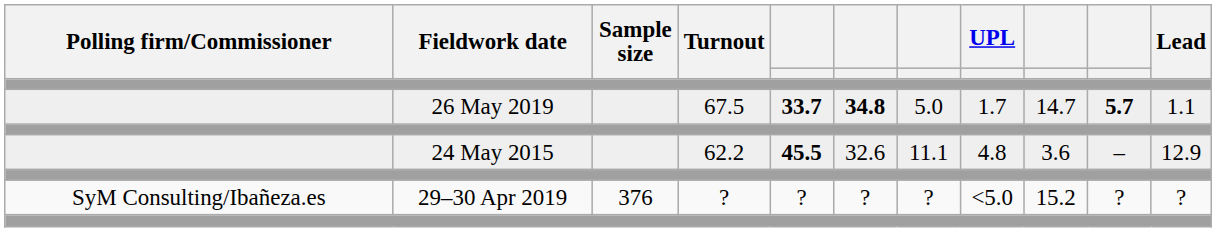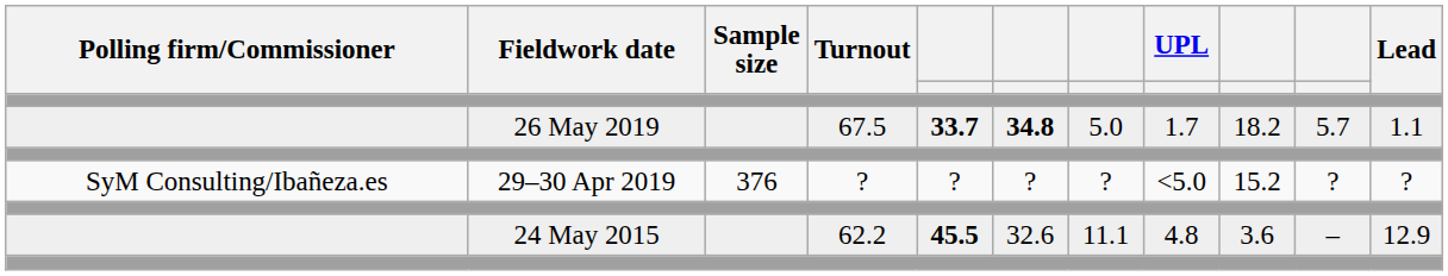 <table class="wikitable collapsible collapsed" style="text-align:center; font-size:95%; line-height:16px;">
 <tr style="height:42px;">
 <th style="width:250px;" rowspan="2">Polling firm/Commissioner</th>
 <th style="width:125px;" rowspan="2">Fieldwork date</th>
 <th style="width:50px;" rowspan="2">Sample size</th>
 <th style="width:45px;" rowspan="2">Turnout</th>
 <th style="width:35px;"></th>
 <th style="width:35px;"></th>
 <th style="width:35px;"></th>
 <th style="width:35px;"><a href='#'>UPL</a></th>
 <th style="width:35px;"></th>
 <th style="width:35px;"></th>
 <th style="width:30px;" rowspan="2">Lead</th>
 </tr>
 <tr>
 <th style="color:inherit;background:"></th>
 <th style="color:inherit;background:"></th>
 <th style="color:inherit;background:"></th>
 <th style="color:inherit;background:"></th>
 <th style="color:inherit;background:"></th>
 <th style="color:inherit;background:"></th>
 </tr>
 <tr>
 <td colspan="11" style="background:#A0A0A0"></td>
 </tr>
 <tr style="background:#EFEFEF;">
 <td><strong></strong></td>
 <td>26 May 2019</td>
 <td></td>
 <td>67.5</td>
 <td><strong>33.7<br></strong></td>
 <td><strong>34.8</strong><br></td>
 <td>5.0<br></td>
 <td>1.7<br></td>
-<td>14.7<br></td>
-<td><strong>5.7<br></strong></td>
+<td>18.2<br></td>
+<td>5.7<br></td>
 <td style="background:">1.1</td>
+</tr>
+<tr>
+<td colspan="11" style="background:#A0A0A0"></td>
+</tr>
+<tr>
+<td>SyM Consulting/Ibañeza.es</td>
+<td>29–30 Apr 2019</td>
+<td>376</td>
+<td>?</td>
+<td>?<br></td>
+<td>?<br></td>
+<td>?<br></td>
+<td><5.0<br></td>
+<td>15.2<br></td>
+<td>?<br></td>
+<td style="background:">?</td>
 </tr>
 <tr>
 <td colspan="11" style="background:#A0A0A0"></td>
 </tr>
 <tr style="background:#EFEFEF;">
 <td><strong></strong></td>
 <td>24 May 2015</td>
 <td></td>
 <td>62.2</td>
 <td><strong>45.5</strong><br></td>
 <td>32.6<br></td>
 <td>11.1<br></td>
 <td>4.8<br></td>
 <td>3.6<br></td>
 <td>–</td>
 <td style="background:">12.9</td>
 </tr>
 <tr>
 <td colspan="11" style="background:#A0A0A0"></td>
 </tr>
-<tr>
-<td>SyM Consulting/Ibañeza.es</td>
-<td>29–30 Apr 2019</td>
-<td>376</td>
-<td>?</td>
-<td>?<br></td>
-<td>?<br></td>
-<td>?<br></td>
-<td><5.0<br></td>
-<td>15.2<br></td>
-<td>?<br></td>
-<td style="background:">?</td>
-</tr>
-<tr>
-<td colspan="11" style="background:#A0A0A0"></td>
-</tr>
 </table>
